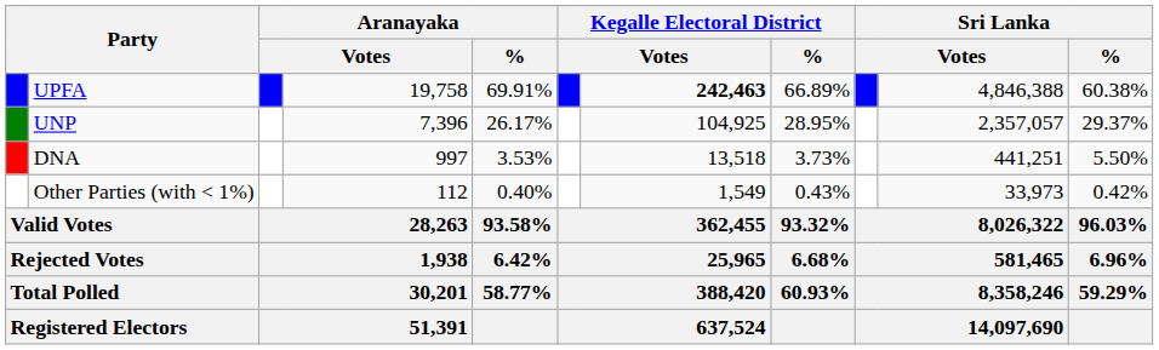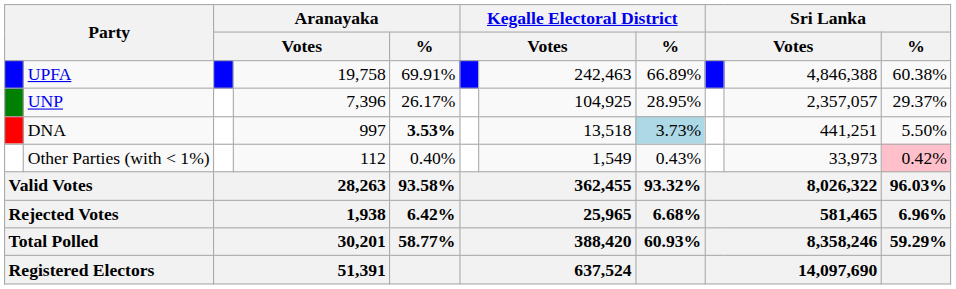 <table class="wikitable">
 <tr>
 <th colspan="2" width="144px"rowspan="2">Party</th>
 <th colspan="3" width="216px">Aranayaka</th>
 <th colspan="3" width="216px"><a href='#'>Kegalle Electoral District</a></th>
 <th colspan="3" width="216px">Sri Lanka</th>
 </tr>
 <tr>
 <th colspan="2" width="144px">Votes</th>
 <th>%</th>
 <th colspan="2" width="144px">Votes</th>
 <th>%</th>
 <th colspan="2" width="144px">Votes</th>
 <th>%</th>
 </tr>
 <tr>
 <td style="background-color:blue;" width="10px"></td>
 <td style="text-align:left;"><a href='#'>UPFA</a></td>
 <td style="background-color:blue;" width="10px"></td>
 <td style="text-align:right;">19,758</td>
 <td style="text-align:right;">69.91%</td>
 <td style="background-color:blue;" width="10px"></td>
-<td style="text-align:right;"><strong>242,463</strong></td>
+<td style="text-align:right;">242,463</td>
 <td style="text-align:right;">66.89%</td>
 <td style="background-color:blue;" width="10px"></td>
 <td style="text-align:right;">4,846,388</td>
 <td style="text-align:right;">60.38%</td>
 </tr>
 <tr>
 <td style="background-color:green;" width="10px"></td>
 <td style="text-align:left;"><a href='#'>UNP</a></td>
 <td style="background-color:white;" width="10px"></td>
 <td style="text-align:right;">7,396</td>
 <td style="text-align:right;">26.17%</td>
 <td style="background-color:white;" width="10px"></td>
 <td style="text-align:right;">104,925</td>
 <td style="text-align:right;">28.95%</td>
 <td style="background-color:white;" width="10px"></td>
 <td style="text-align:right;">2,357,057</td>
 <td style="text-align:right;">29.37%</td>
 </tr>
 <tr>
 <td style="background-color:red;" width="10px"></td>
 <td style="text-align:left;">DNA</td>
 <td style="background-color:white;" width="10px"></td>
 <td style="text-align:right;">997</td>
-<td style="text-align:right;">3.53%</td>
+<td style="text-align:right;"><strong>3.53%</strong></td>
 <td style="background-color:white;" width="10px"></td>
 <td style="text-align:right;">13,518</td>
-<td style="text-align:right;">3.73%</td>
+<td style="background: lightblue; text-align:right;">3.73%</td>
 <td style="background-color:white;" width="10px"></td>
 <td style="text-align:right;">441,251</td>
 <td style="text-align:right;">5.50%</td>
 </tr>
 <tr>
 <td style="background-color:white;" width="10px"></td>
 <td style="text-align:left;">Other Parties (with < 1%)</td>
 <td style="background-color:white;" width="10px"></td>
 <td style="text-align:right;">112</td>
 <td style="text-align:right;">0.40%</td>
 <td style="background-color:white;" width="10px"></td>
 <td style="text-align:right;">1,549</td>
 <td style="text-align:right;">0.43%</td>
 <td style="background-color:white;" width="10px"></td>
 <td style="text-align:right;">33,973</td>
-<td style="text-align:right;">0.42%</td>
+<td style="background: pink; text-align:right;">0.42%</td>
 </tr>
 <tr>
 <th colspan="2" width="144px"style="text-align:left;">Valid Votes</th>
 <th style="text-align:right;"colspan="2" width="144px">28,263</th>
 <th style="text-align:right;">93.58%</th>
 <th style="text-align:right;"colspan="2" width="144px">362,455</th>
 <th style="text-align:right;">93.32%</th>
 <th style="text-align:right;"colspan="2" width="144px">8,026,322</th>
 <th style="text-align:right;">96.03%</th>
 </tr>
 <tr>
 <th colspan="2" width="144px"style="text-align:left;">Rejected Votes</th>
 <th style="text-align:right;"colspan="2" width="144px">1,938</th>
 <th style="text-align:right;">6.42%</th>
 <th style="text-align:right;"colspan="2" width="144px">25,965</th>
 <th style="text-align:right;">6.68%</th>
 <th style="text-align:right;"colspan="2" width="144px">581,465</th>
 <th style="text-align:right;">6.96%</th>
 </tr>
 <tr>
 <th colspan="2" width="144px"style="text-align:left;">Total Polled</th>
 <th style="text-align:right;"colspan="2" width="144px">30,201</th>
 <th style="text-align:right;">58.77%</th>
 <th style="text-align:right;"colspan="2" width="144px">388,420</th>
 <th style="text-align:right;">60.93%</th>
 <th style="text-align:right;"colspan="2" width="144px">8,358,246</th>
 <th style="text-align:right;">59.29%</th>
 </tr>
 <tr>
 <th colspan="2" width="144px"style="text-align:left;">Registered Electors</th>
 <th style="text-align:right;"colspan="2" width="144px">51,391</th>
 <th></th>
 <th style="text-align:right;"colspan="2" width="144px">637,524</th>
 <th></th>
 <th style="text-align:right;"colspan="2" width="144px">14,097,690</th>
 <th></th>
 </tr>
 </table>
